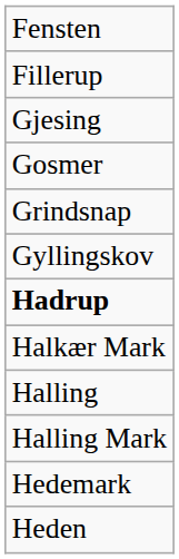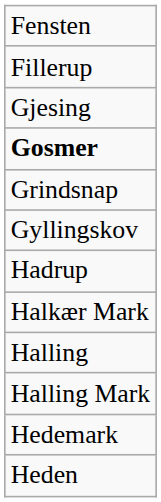 <table class="wikitable" style="float:left; margin-right:1em">
 <tr>
 <td>Fensten</td>
 </tr>
 <tr>
 <td>Fillerup</td>
 </tr>
 <tr>
 <td>Gjesing</td>
 </tr>
 <tr>
-<td>Gosmer</td>
+<td><strong>Gosmer</strong></td>
 </tr>
 <tr>
 <td>Grindsnap</td>
 </tr>
 <tr>
 <td>Gyllingskov</td>
 </tr>
 <tr>
-<td><strong>Hadrup</strong></td>
+<td>Hadrup</td>
 </tr>
 <tr>
 <td>Halkær Mark</td>
 </tr>
 <tr>
 <td>Halling</td>
 </tr>
 <tr>
 <td>Halling Mark</td>
 </tr>
 <tr>
 <td>Hedemark</td>
 </tr>
 <tr>
 <td>Heden</td>
 </tr>
 </table>
